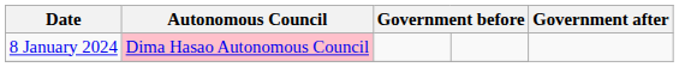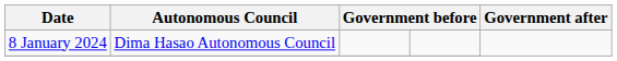 <table class="wikitable sortable" style="text-align:center;">
 <tr>
 <th>Date</th>
 <th>Autonomous Council</th>
 <th colspan=2>Government before</th>
 <th colspan=2>Government after</th>
 </tr>
 <tr>
 <td><a href='#'>8 January 2024</a></td>
-<td style="background: pink;"><a href='#'>Dima Hasao Autonomous Council</a></td>
+<td><a href='#'>Dima Hasao Autonomous Council</a></td>
 <td></td>
 <td></td>
 </tr>
 <tr>
 </tr>
 </table>
